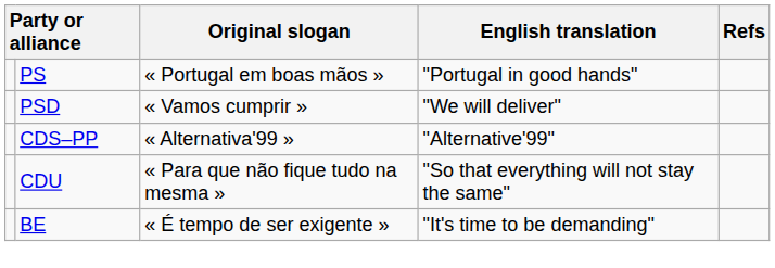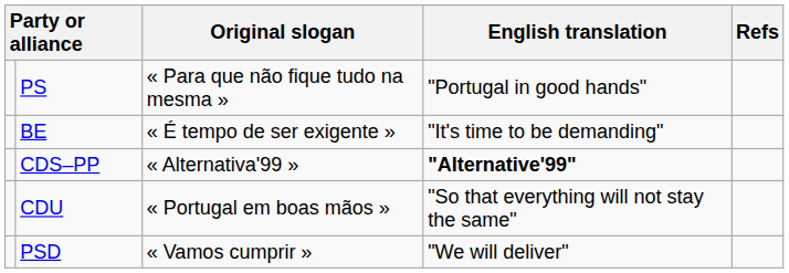 <table class="wikitable" style="font-size:97%; text-align:left;">
 <tr>
 <th style="text-align:left;" colspan="2">Party or alliance</th>
 <th>Original slogan</th>
 <th>English translation</th>
 <th>Refs</th>
 </tr>
 <tr>
 <td width="1" style="color:inherit;background:"></td>
 <td><a href='#'>PS</a></td>
+<td>« Para que não fique tudo na mesma »</td>
+<td>"Portugal in good hands"</td>
+<td></td>
+</tr>
+<tr>
+<td style="color:inherit;background:"></td>
+<td><a href='#'>BE</a></td>
+<td>« É tempo de ser exigente »</td>
+<td>"It's time to be demanding"</td>
+<td></td>
+</tr>
+<tr>
+<td style="color:inherit;background:"></td>
+<td><a href='#'>CDS–PP</a></td>
+<td>« Alternativa'99 »</td>
+<td><strong>"Alternative'99"</strong></td>
+<td></td>
+</tr>
+<tr>
+<td style="color:inherit;background:"></td>
+<td><a href='#'>CDU</a></td>
 <td>« Portugal em boas mãos »</td>
-<td>"Portugal in good hands"</td>
+<td>"So that everything will not stay the same"</td>
 <td></td>
 </tr>
 <tr>
 <td style="color:inherit;background:"></td>
 <td><a href='#'>PSD</a></td>
 <td>« Vamos cumprir »</td>
 <td>"We will deliver"</td>
 <td></td>
 </tr>
-<tr>
-<td style="color:inherit;background:"></td>
-<td><a href='#'>CDS–PP</a></td>
-<td>« Alternativa'99 »</td>
-<td>"Alternative'99"</td>
-<td></td>
-</tr>
-<tr>
-<td style="color:inherit;background:"></td>
-<td><a href='#'>CDU</a></td>
-<td>« Para que não fique tudo na mesma »</td>
-<td>"So that everything will not stay the same"</td>
-<td></td>
-</tr>
-<tr>
-<td style="color:inherit;background:"></td>
-<td><a href='#'>BE</a></td>
-<td>« É tempo de ser exigente »</td>
-<td>"It's time to be demanding"</td>
-<td></td>
-</tr>
 </table>
